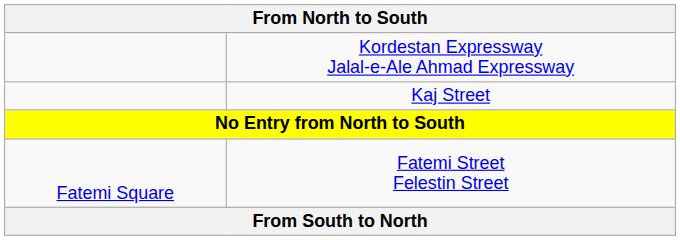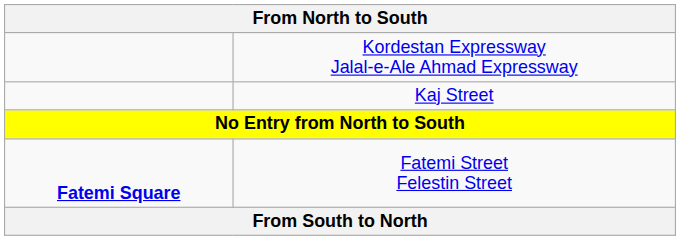 <table class="wikitable" style="text-align:center" width="600px">
 <tr>
 <th text-align="center" colspan="3"> From North to South </th>
 </tr>
 <tr>
 <td><br></td>
 <td> <a href='#'>Kordestan Expressway</a><br> <a href='#'>Jalal-e-Ale Ahmad Expressway</a></td>
 </tr>
 <tr>
 <td></td>
 <td> <a href='#'>Kaj Street</a></td>
 </tr>
 <tr>
 <td text-align="center" colspan="3" style="background: yellow; color: black;"> <strong>No Entry from North to South</strong> </td>
 </tr>
 <tr>
-<td><br><br><a href='#'>Fatemi Square</a></td>
+<td><strong><br><br><a href='#'>Fatemi Square</a></strong></td>
 <td> <a href='#'>Fatemi Street</a><br> <a href='#'>Felestin Street</a></td>
 </tr>
 <tr>
 <th text-align="center" colspan="3"> From South to North </th>
 </tr>
 </table>
